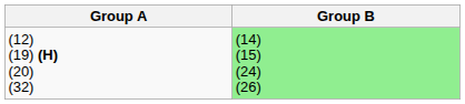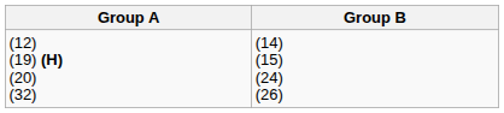 <table class="wikitable" style="width:40%;">
 <tr>
 <th width=30%>Group A</th>
 <th width=30%>Group B</th>
 </tr>
 <tr>
 <td valign=top><strong></strong> (12)<br><strong></strong> (19) <strong>(H)</strong><br> (20)<br> (32)</td>
-<td valign=top style="background: lightgreen;"><strong></strong> (14)<br><strong></strong> (15)<br> (24)<br> (26)</td>
+<td valign=top><strong></strong> (14)<br><strong></strong> (15)<br> (24)<br> (26)</td>
 </tr>
 </table>
